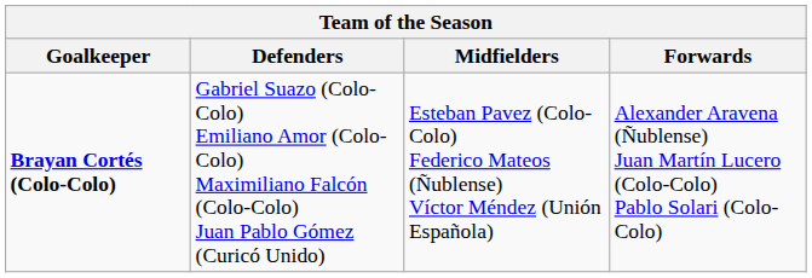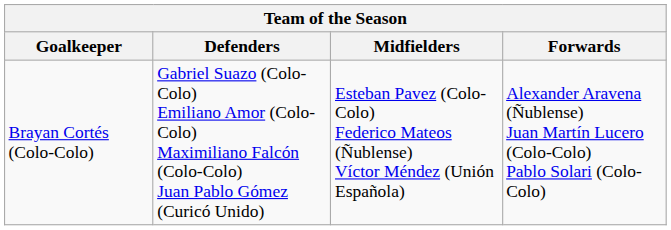 <table class="wikitable">
 <tr>
 <th colspan="13">Team of the Season</th>
 </tr>
 <tr>
 <th>Goalkeeper</th>
 <th>Defenders</th>
 <th>Midfielders</th>
 <th>Forwards</th>
 </tr>
 <tr>
-<td><strong> <a href='#'>Brayan Cortés</a> (Colo-Colo)</strong></td>
+<td> <a href='#'>Brayan Cortés</a> (Colo-Colo)</td>
 <td> <a href='#'>Gabriel Suazo</a> (Colo-Colo)<br> <a href='#'>Emiliano Amor</a> (Colo-Colo)<br> <a href='#'>Maximiliano Falcón</a> (Colo-Colo)<br> <a href='#'>Juan Pablo Gómez</a> (Curicó Unido)</td>
 <td> <a href='#'>Esteban Pavez</a> (Colo-Colo)<br> <a href='#'>Federico Mateos</a> (Ñublense)<br> <a href='#'>Víctor Méndez</a> (Unión Española)</td>
 <td> <a href='#'>Alexander Aravena</a> (Ñublense)<br> <a href='#'>Juan Martín Lucero</a> (Colo-Colo)<br> <a href='#'>Pablo Solari</a> (Colo-Colo)</td>
 </tr>
 </table>
